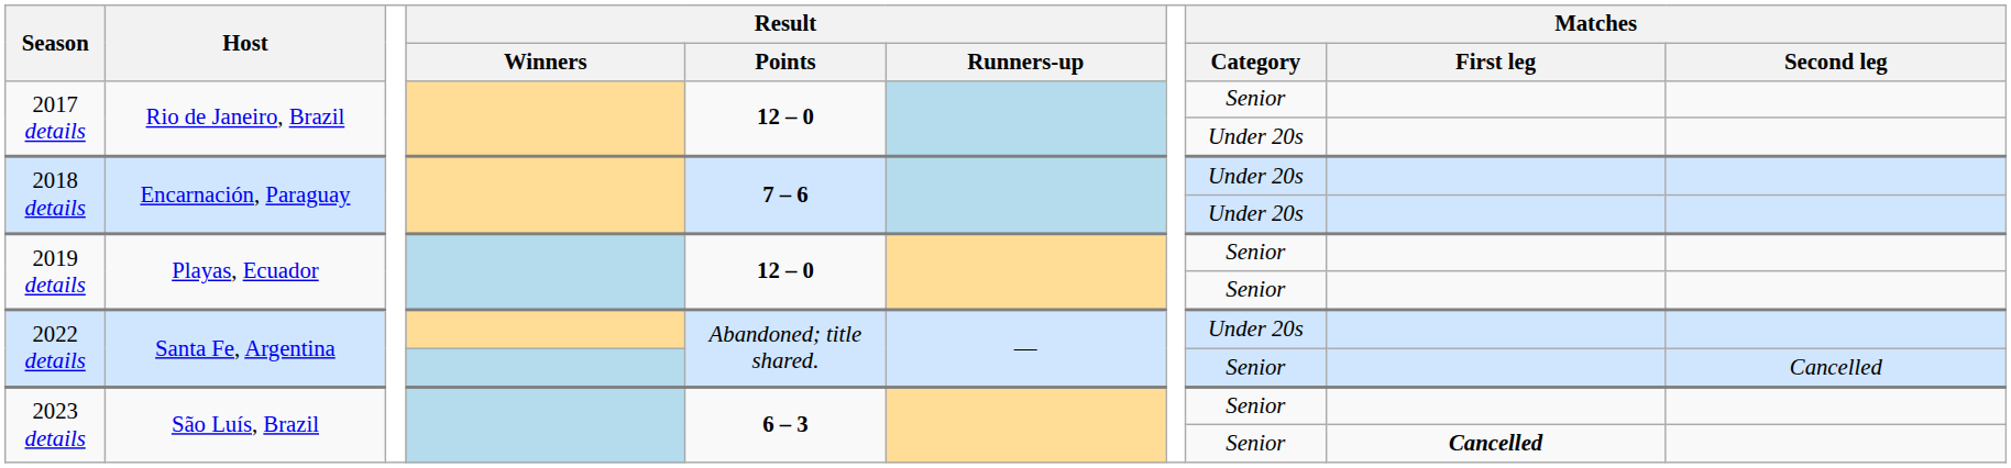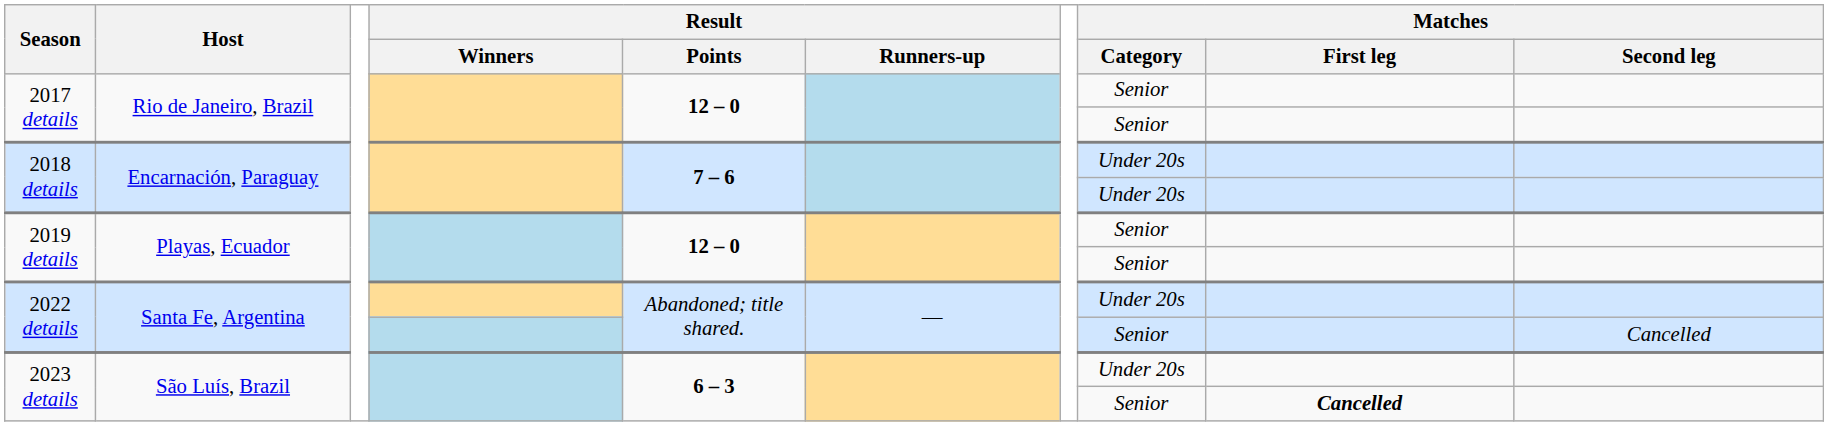 <table class="wikitable" style="font-size: 90%; text-align: center; width: 100%;">
 <tr>
 <th rowspan="2" width="5%">Season</th>
 <th rowspan="2" width="14%">Host</th>
 <th rowspan="12" width="1%" style="background-color:#ffffff;"></th>
 <th colspan="3">Result</th>
 <th rowspan="12" width="1%" style="background-color:#ffffff;"></th>
 <th colspan="3">Matches</th>
 </tr>
 <tr>
 <th width="14%">Winners</th>
 <th width="10%">Points</th>
 <th width="14%">Runners-up</th>
 <th width="7%">Category</th>
 <th width=120>First leg</th>
 <th width=120>Second leg</th>
 </tr>
 <tr>
 <td rowspan=2>2017<br><em><a href='#'>details</a></em></td>
 <td rowspan=2> <a href='#'>Rio de Janeiro</a>, <a href='#'>Brazil</a></td>
 <td rowspan=2 bgcolor=#ffdd96><strong></strong></td>
 <td rowspan=2><strong>12 – 0</strong></td>
 <td rowspan=2 bgcolor=#b4dced></td>
 <td><em>Senior</em></td>
 <td> </td>
 <td> </td>
 </tr>
 <tr>
-<td><em>Under 20s</em></td>
+<td><em>Senior</em></td>
 <td> </td>
 <td> </td>
 </tr>
 <tr style="background: #D0E6FF; border-top: 2px solid grey">
 <td rowspan=2>2018<br><em><a href='#'>details</a></em></td>
 <td rowspan=2> <a href='#'>Encarnación</a>, <a href='#'>Paraguay</a></td>
 <td rowspan=2 bgcolor=#ffdd96><strong></strong></td>
 <td rowspan=2><strong>7 – 6</strong></td>
 <td rowspan=2 bgcolor=#b4dced></td>
 <td><em>Under 20s</em></td>
 <td> </td>
 <td> </td>
 </tr>
 <tr style="background: #D0E6FF;">
 <td><em>Under 20s</em></td>
 <td> </td>
 <td> </td>
 </tr>
 <tr style="border-top: 2px solid grey">
 <td rowspan="2">2019<br><em><a href='#'>details</a></em></td>
 <td rowspan="2"> <a href='#'>Playas</a>, <a href='#'>Ecuador</a></td>
 <td rowspan=2 bgcolor=#b4dced><strong></strong></td>
 <td rowspan=2><strong>12 – 0</strong></td>
 <td rowspan=2 bgcolor=#ffdd96></td>
 <td><em>Senior</em></td>
 <td> </td>
 <td> </td>
 </tr>
 <tr>
 <td><em>Senior</em></td>
 <td> </td>
 <td> </td>
 </tr>
 <tr style="background: #D0E6FF; border-top: 2px solid grey">
 <td rowspan="2">2022<br><em><a href='#'>details</a></em></td>
 <td rowspan="2"> <a href='#'>Santa Fe</a>, <a href='#'>Argentina</a></td>
 <td rowspan="1" bgcolor=#ffdd96><strong></strong></td>
 <td rowspan="2"><em>Abandoned; title shared.</em></td>
 <td rowspan="2">—</td>
 <td><em>Under 20s</em></td>
 <td> </td>
 <td> </td>
 </tr>
 <tr style="background: #D0E6FF;">
 <td rowspan="1" bgcolor=#b4dced><strong></strong></td>
 <td><em>Senior</em></td>
 <td> </td>
 <td {{align><em>Cancelled</em></td>
 </tr>
 <tr style="border-top: 2px solid grey">
 <td rowspan="2">2023<br><em><a href='#'>details</a></em></td>
 <td rowspan="2"> <a href='#'>São Luís</a>, <a href='#'>Brazil</a></td>
 <td rowspan=2 bgcolor=#b4dced><strong></strong></td>
 <td rowspan=2><strong>6 – 3</strong></td>
 <td rowspan=2 bgcolor=#ffdd96></td>
-<td><em>Senior</em></td>
+<td><em>Under 20s</em></td>
 <td> </td>
 <td> </td>
 </tr>
 <tr>
 <td><em>Senior</em></td>
 <td {{align><strong><em>Cancelled</em></strong></td>
 <td> </td>
 </tr>
 </table>
